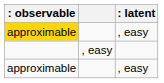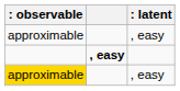 <table class="wikitable">
 <tr>
 <th>: observable</th>
 <th></th>
 <th>: latent</th>
 </tr>
 <tr>
-<td style="background: gold;"> approximable</td>
+<td> approximable</td>
 <td></td>
 <td>, easy</td>
 </tr>
 <tr>
 <td></td>
-<td>, easy</td>
+<td><strong>, easy</strong></td>
 <td></td>
 </tr>
 <tr>
-<td> approximable</td>
+<td style="background: gold;"> approximable</td>
 <td></td>
 <td>, easy</td>
 </tr>
 </table>
